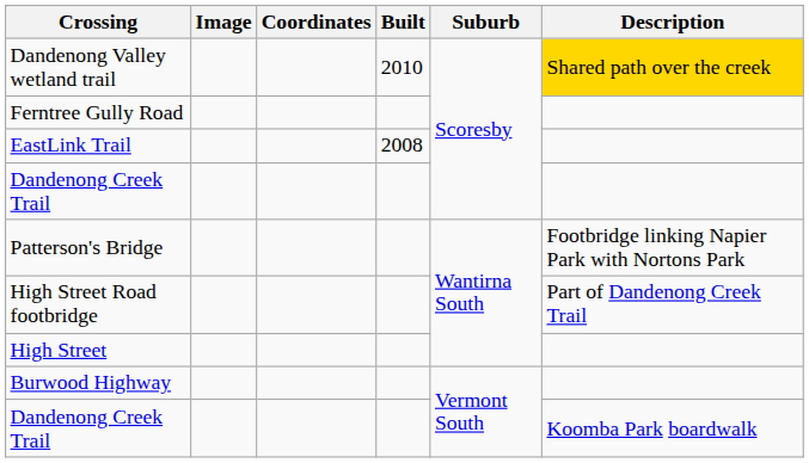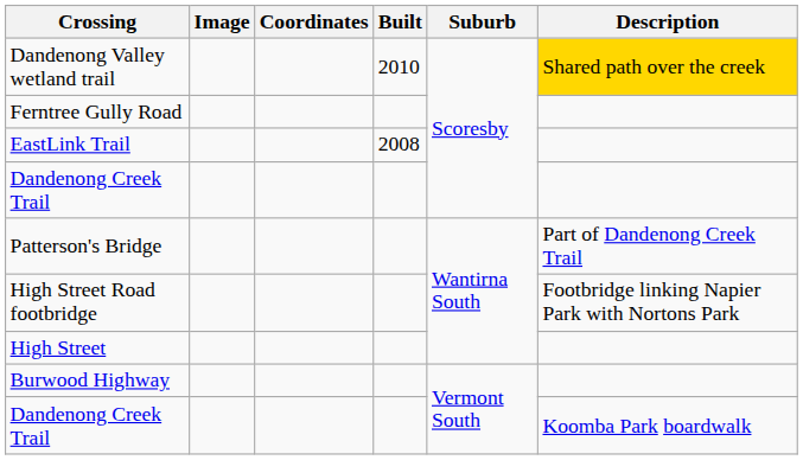 <table class="wikitable">
 <tr>
 <th>Crossing</th>
 <th>Image</th>
 <th>Coordinates</th>
 <th>Built</th>
 <th>Suburb</th>
 <th>Description</th>
 </tr>
 <tr>
 <td>Dandenong Valley wetland trail</td>
 <td></td>
 <td></td>
 <td>2010</td>
 <td rowspan=4><a href='#'>Scoresby</a></td>
 <td style="background: gold;">Shared path over the creek</td>
 </tr>
 <tr>
 <td>Ferntree Gully Road</td>
 <td></td>
 <td></td>
 <td></td>
 <td></td>
 </tr>
 <tr>
 <td><a href='#'>EastLink Trail</a></td>
 <td></td>
 <td></td>
 <td>2008</td>
 <td></td>
 </tr>
 <tr>
 <td><a href='#'>Dandenong Creek Trail</a></td>
 <td></td>
 <td></td>
 <td></td>
 <td></td>
 </tr>
 <tr>
 <td>Patterson's Bridge</td>
 <td></td>
 <td></td>
 <td></td>
 <td rowspan=3><a href='#'>Wantirna South</a></td>
-<td>Footbridge linking Napier Park with Nortons Park</td>
+<td>Part of <a href='#'>Dandenong Creek Trail</a></td>
 </tr>
 <tr>
 <td>High Street Road footbridge</td>
 <td></td>
 <td></td>
 <td></td>
-<td>Part of <a href='#'>Dandenong Creek Trail</a></td>
+<td>Footbridge linking Napier Park with Nortons Park</td>
 </tr>
 <tr>
 <td><a href='#'>High Street</a></td>
 <td></td>
 <td></td>
 <td></td>
 <td></td>
 </tr>
 <tr>
 <td><a href='#'>Burwood Highway</a></td>
 <td></td>
 <td></td>
 <td></td>
 <td rowspan=3><a href='#'>Vermont South</a></td>
 <td></td>
 </tr>
 <tr>
 <td><a href='#'>Dandenong Creek Trail</a></td>
 <td></td>
 <td></td>
 <td></td>
 <td><a href='#'>Koomba Park</a> <a href='#'>boardwalk</a></td>
 </tr>
 </table>
